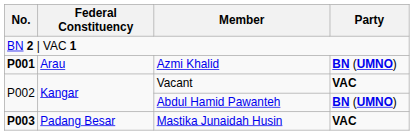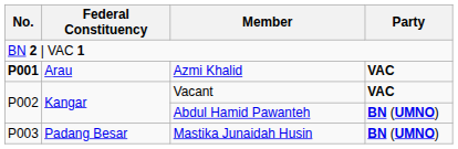 <table class="wikitable sortable">
 <tr>
 <th style="width:30px;">No.</th>
 <th style="width:150px;">Federal Constituency</th>
 <th style="width:230px;">Member</th>
 <th style="width:100px;">Party</th>
 </tr>
 <tr>
 <td colspan="4"><a href='#'>BN</a> <strong>2</strong> | VAC <strong>1</strong></td>
 </tr>
 <tr>
 <td><strong>P001</strong></td>
 <td><a href='#'>Arau</a></td>
 <td><a href='#'>Azmi Khalid</a></td>
-<td><strong><a href='#'>BN</a></strong> (<strong><a href='#'>UMNO</a></strong>)</td>
+<td><strong>VAC</strong></td>
 </tr>
 <tr>
 <td rowspan=2>P002</td>
 <td rowspan=2><a href='#'>Kangar</a></td>
 <td>Vacant </td>
 <td><strong>VAC</strong></td>
 </tr>
 <tr>
 <td><a href='#'>Abdul Hamid Pawanteh</a> </td>
 <td><strong><a href='#'>BN</a></strong> (<strong><a href='#'>UMNO</a></strong>)</td>
 </tr>
 <tr>
-<td><strong>P003</strong></td>
+<td>P003</td>
 <td><a href='#'>Padang Besar</a></td>
 <td><a href='#'>Mastika Junaidah Husin</a></td>
-<td><strong>VAC</strong></td>
+<td><strong><a href='#'>BN</a></strong> (<strong><a href='#'>UMNO</a></strong>)</td>
 </tr>
 </table>
